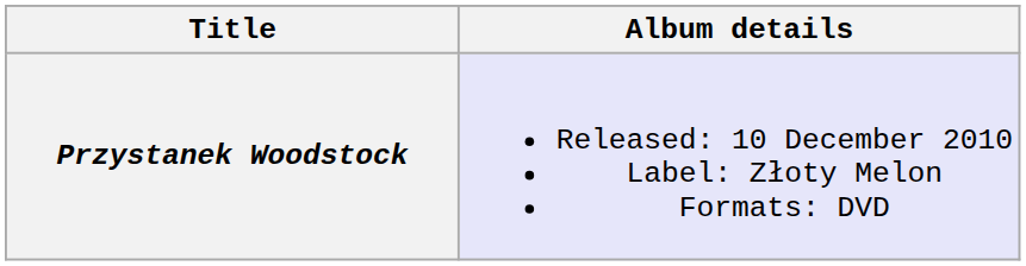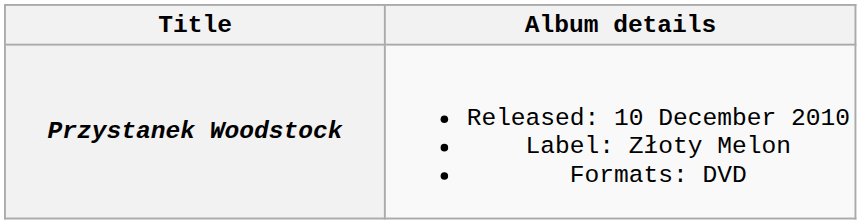 <table class="wikitable plainrowheaders" style="text-align:center;">
 <tr>
 <th scope="col" style="width:15em;">Title</th>
 <th scope="col">Album details</th>
 </tr>
 <tr>
 <th scope="row"><em>Przystanek Woodstock</em></th>
-<td style="background: lavender;"><br><ul><li>Released: 10 December 2010</li><li>Label: Złoty Melon</li><li>Formats: DVD</li></ul></td>
+<td><br><ul><li>Released: 10 December 2010</li><li>Label: Złoty Melon</li><li>Formats: DVD</li></ul></td>
 </tr>
 </table>
